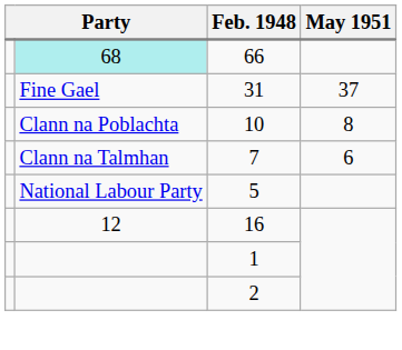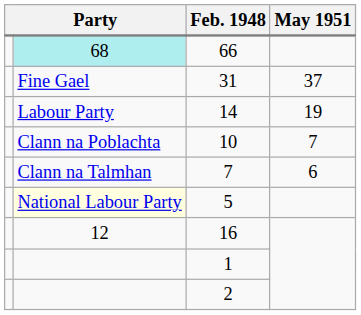 <table class="wikitable" style="font-size: 95%;">
 <tr style="background-color:#E9E9E9; border-bottom: 2px solid gray;">
 <th colspan=2>Party</th>
 <th>Feb. 1948</th>
 <th>May 1951</th>
 </tr>
 <tr>
 <td></td>
 <td align="center" style="background: paleturquoise;">68</td>
 <td align="center">66</td>
 </tr>
 <tr>
 <td style="background-color: "></td>
 <td><a href='#'>Fine Gael</a></td>
 <td align="center">31</td>
 <td align="center">37</td>
 </tr>
 <tr>
 <td style="background-color: "></td>
+<td><a href='#'>Labour Party</a></td>
+<td align="center">14</td>
+<td align="center">19</td>
+</tr>
+<tr>
+<td style="background-color: "></td>
 <td><a href='#'>Clann na Poblachta</a></td>
 <td align="center">10</td>
-<td align="center">8</td>
+<td align="center">7</td>
 </tr>
 <tr>
 <td style="background-color: "></td>
 <td><a href='#'>Clann na Talmhan</a></td>
 <td align="center">7</td>
 <td align="center">6</td>
 </tr>
 <tr>
 <td style="background-color: "></td>
-<td><a href='#'>National Labour Party</a></td>
+<td style="background: lightyellow;"><a href='#'>National Labour Party</a></td>
 <td align="center">5</td>
 <td></td>
 </tr>
 <tr>
 <td></td>
 <td align="center">12</td>
 <td align="center">16</td>
 </tr>
 <tr>
 <td></td>
 <td></td>
 <td align="center">1</td>
 </tr>
 <tr>
 <td></td>
 <td></td>
 <td align="center">2</td>
 </tr>
 </table>
